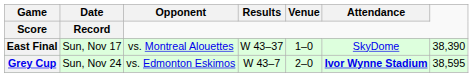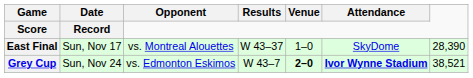 <table class="wikitable" style="text-align:center">
 <tr>
 <th>Game</th>
 <th>Date</th>
 <th>Opponent</th>
 <th>Results</th>
 <th>Venue</th>
 <th>Attendance</th>
 </tr>
 <tr>
 <th>Score</th>
 <th>Record</th>
 </tr>
 <tr style="background:#ddffdd">
 <th>East Final</th>
 <td>Sun, Nov 17</td>
 <td>vs. <a href='#'>Montreal Alouettes</a></td>
 <td>W 43–37</td>
 <td>1–0</td>
 <td><a href='#'>SkyDome</a></td>
-<td>38,390</td>
+<td>28,390</td>
 </tr>
 <tr style="background:#ddffdd">
 <th><a href='#'>Grey Cup</a></th>
 <td>Sun, Nov 24</td>
 <td>vs. <a href='#'>Edmonton Eskimos</a></td>
 <td>W 43–7</td>
-<td>2–0</td>
+<td><strong>2–0</strong></td>
 <td><strong><a href='#'>Ivor Wynne Stadium</a></strong></td>
-<td>38,595</td>
+<td>38,521</td>
 </tr>
 </table>
